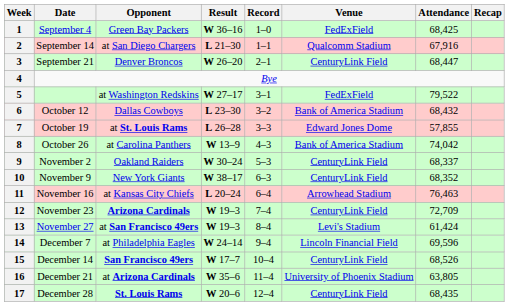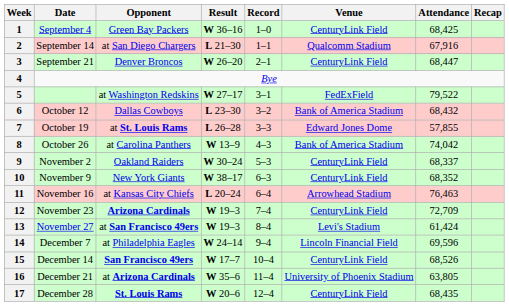 <table class="wikitable" style="text-align:center">
 <tr>
 <th>Week</th>
 <th>Date</th>
 <th>Opponent</th>
 <th>Result</th>
 <th>Record</th>
 <th>Venue</th>
 <th>Attendance</th>
 <th>Recap</th>
 </tr>
 <tr style="background:#cfc">
 <th>1</th>
 <td><a href='#'>September 4</a></td>
 <td><a href='#'>Green Bay Packers</a></td>
 <td><strong>W</strong> 36–16</td>
 <td>1–0</td>
-<td><a href='#'>FedExField</a></td>
+<td><a href='#'>CenturyLink Field</a></td>
 <td>68,425</td>
 <td></td>
 </tr>
 <tr style="background:#fcc">
 <th>2</th>
 <td>September 14</td>
 <td>at <a href='#'>San Diego Chargers</a></td>
 <td><strong>L</strong> 21–30</td>
 <td>1–1</td>
 <td><a href='#'>Qualcomm Stadium</a></td>
 <td>67,916</td>
 <td></td>
 </tr>
 <tr style="background:#cfc">
 <th>3</th>
 <td>September 21</td>
 <td><a href='#'>Denver Broncos</a></td>
 <td><strong>W</strong> 26–20 </td>
 <td>2–1</td>
 <td><a href='#'>CenturyLink Field</a></td>
 <td>68,447</td>
 <td></td>
 </tr>
 <tr>
 <th>4</th>
 <td colspan="7"><em><a href='#'>Bye</a></em></td>
 </tr>
 <tr style="background:#cfc">
 <th>5</th>
 <td></td>
 <td>at <a href='#'>Washington Redskins</a></td>
 <td><strong>W</strong> 27–17</td>
 <td>3–1</td>
 <td><a href='#'>FedExField</a></td>
 <td>79,522</td>
 <td></td>
 </tr>
 <tr style="background:#fcc">
 <th>6</th>
 <td>October 12</td>
 <td><a href='#'>Dallas Cowboys</a></td>
 <td><strong>L</strong> 23–30</td>
 <td>3–2</td>
 <td><a href='#'>Bank of America Stadium</a></td>
 <td>68,432</td>
 <td></td>
 </tr>
 <tr style="background:#fcc">
 <th>7</th>
 <td>October 19</td>
 <td>at <strong><a href='#'>St. Louis Rams</a></strong></td>
 <td><strong>L</strong> 26–28</td>
 <td>3–3</td>
 <td><a href='#'>Edward Jones Dome</a></td>
 <td>57,855</td>
 <td></td>
 </tr>
 <tr style="background:#cfc">
 <th>8</th>
 <td>October 26</td>
 <td>at <a href='#'>Carolina Panthers</a></td>
 <td><strong>W</strong> 13–9</td>
 <td>4–3</td>
 <td><a href='#'>Bank of America Stadium</a></td>
 <td>74,042</td>
 <td></td>
 </tr>
 <tr style="background:#cfc">
 <th>9</th>
 <td>November 2</td>
 <td><a href='#'>Oakland Raiders</a></td>
 <td><strong>W</strong> 30–24</td>
 <td>5–3</td>
 <td><a href='#'>CenturyLink Field</a></td>
 <td>68,337</td>
 <td></td>
 </tr>
 <tr style="background:#cfc">
 <th>10</th>
 <td>November 9</td>
 <td><a href='#'>New York Giants</a></td>
 <td><strong>W</strong> 38–17</td>
 <td>6–3</td>
 <td><a href='#'>CenturyLink Field</a></td>
 <td>68,352</td>
 <td></td>
 </tr>
 <tr style="background:#fcc">
 <th>11</th>
 <td>November 16</td>
 <td>at <a href='#'>Kansas City Chiefs</a></td>
 <td><strong>L</strong> 20–24</td>
 <td>6–4</td>
 <td><a href='#'>Arrowhead Stadium</a></td>
 <td>76,463</td>
 <td></td>
 </tr>
 <tr style="background:#cfc">
 <th>12</th>
 <td>November 23</td>
 <td><strong><a href='#'>Arizona Cardinals</a></strong></td>
 <td><strong>W</strong> 19–3</td>
 <td>7–4</td>
 <td><a href='#'>CenturyLink Field</a></td>
 <td>72,709</td>
 <td></td>
 </tr>
 <tr style="background:#cfc">
 <th>13</th>
 <td><a href='#'>November 27</a></td>
 <td>at <strong><a href='#'>San Francisco 49ers</a></strong></td>
 <td><strong>W</strong> 19–3</td>
 <td>8–4</td>
 <td><a href='#'>Levi's Stadium</a></td>
 <td>61,424</td>
 <td></td>
 </tr>
 <tr style="background:#cfc">
 <th>14</th>
 <td>December 7</td>
 <td>at <a href='#'>Philadelphia Eagles</a></td>
 <td><strong>W</strong> 24–14</td>
 <td>9–4</td>
 <td><a href='#'>Lincoln Financial Field</a></td>
 <td>69,596</td>
 <td></td>
 </tr>
 <tr style="background:#cfc">
 <th>15</th>
 <td>December 14</td>
 <td><strong><a href='#'>San Francisco 49ers</a></strong></td>
 <td><strong>W</strong> 17–7</td>
 <td>10–4</td>
 <td><a href='#'>CenturyLink Field</a></td>
 <td>68,526</td>
 <td></td>
 </tr>
 <tr style="background:#cfc">
 <th>16</th>
 <td>December 21</td>
 <td>at <strong><a href='#'>Arizona Cardinals</a></strong></td>
 <td><strong>W</strong> 35–6</td>
 <td>11–4</td>
 <td><a href='#'>University of Phoenix Stadium</a></td>
 <td>63,805</td>
 <td></td>
 </tr>
 <tr style="background:#cfc">
 <th>17</th>
 <td>December 28</td>
 <td><strong><a href='#'>St. Louis Rams</a></strong></td>
 <td><strong>W</strong> 20–6</td>
 <td>12–4</td>
 <td><a href='#'>CenturyLink Field</a></td>
 <td>68,435</td>
 <td></td>
 </tr>
 </table>
